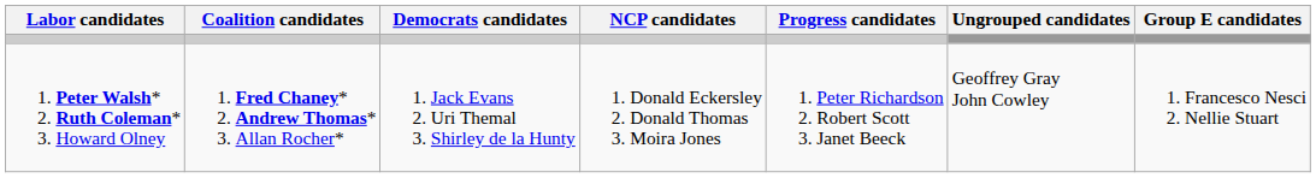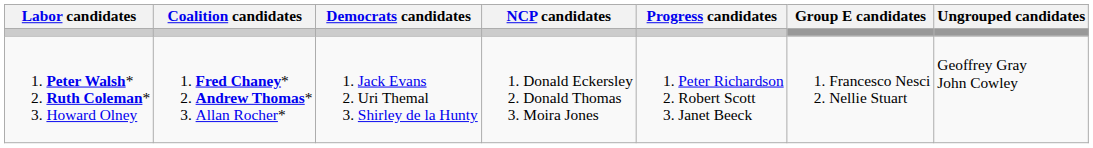 <table class="wikitable">
 <tr>
 <th><a href='#'>Labor</a> candidates</th>
 <th><a href='#'>Coalition</a> candidates</th>
 <th><a href='#'>Democrats</a> candidates</th>
 <th><a href='#'>NCP</a> candidates</th>
 <th><a href='#'>Progress</a> candidates</th>
+<th>Group E candidates</th>
 <th>Ungrouped candidates</th>
-<th>Group E candidates</th>
 </tr>
 <tr bgcolor="#cccccc">
 <td></td>
 <td></td>
 <td></td>
 <td></td>
 <td></td>
 <td bgcolor="#999999"></td>
 <td bgcolor="#999999"></td>
 </tr>
 <tr>
 <td><br><ol><li><strong><a href='#'>Peter Walsh</a></strong>*</li><li><strong><a href='#'>Ruth Coleman</a></strong>*</li><li><a href='#'>Howard Olney</a></li></ol></td>
 <td><br><ol><li><strong><a href='#'>Fred Chaney</a></strong>*</li><li><strong><a href='#'>Andrew Thomas</a></strong>*</li><li><a href='#'>Allan Rocher</a>*</li></ol></td>
 <td valign=top><br><ol><li><a href='#'>Jack Evans</a></li><li>Uri Themal</li><li><a href='#'>Shirley de la Hunty</a></li></ol></td>
 <td valign=top><br><ol><li>Donald Eckersley</li><li>Donald Thomas</li><li>Moira Jones</li></ol></td>
 <td valign=top><br><ol><li><a href='#'>Peter Richardson</a></li><li>Robert Scott</li><li>Janet Beeck</li></ol></td>
+<td valign=top><br><ol><li>Francesco Nesci</li><li>Nellie Stuart</li></ol></td>
 <td valign=top><br>Geoffrey Gray<br> John Cowley</td>
-<td valign=top><br><ol><li>Francesco Nesci</li><li>Nellie Stuart</li></ol></td>
 </tr>
 </table>
